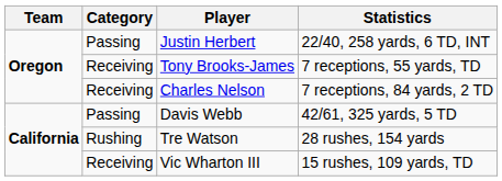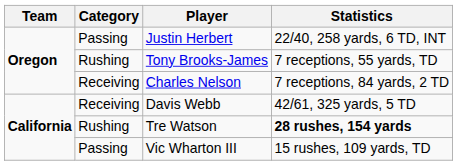 <table class="wikitable" style="float: left;">
 <tr>
 <th>Team</th>
 <th>Category</th>
 <th>Player</th>
 <th>Statistics</th>
 </tr>
 <tr>
 <td rowspan=3><strong>Oregon</strong></td>
 <td>Passing</td>
 <td><a href='#'>Justin Herbert</a></td>
 <td>22/40, 258 yards, 6 TD, INT</td>
 </tr>
 <tr>
-<td>Receiving</td>
+<td>Rushing</td>
 <td><a href='#'>Tony Brooks-James</a></td>
 <td>7 receptions, 55 yards, TD</td>
 </tr>
 <tr>
 <td>Receiving</td>
 <td><a href='#'>Charles Nelson</a></td>
 <td>7 receptions, 84 yards, 2 TD</td>
 </tr>
 <tr>
 <td rowspan=3><strong>California</strong></td>
-<td>Passing</td>
+<td>Receiving</td>
 <td>Davis Webb</td>
 <td>42/61, 325 yards, 5 TD</td>
 </tr>
 <tr>
 <td>Rushing</td>
 <td>Tre Watson</td>
-<td>28 rushes, 154 yards</td>
+<td><strong>28 rushes, 154 yards</strong></td>
 </tr>
 <tr>
-<td>Receiving</td>
+<td>Passing</td>
 <td>Vic Wharton III</td>
 <td>15 rushes, 109 yards, TD</td>
 </tr>
 </table>
